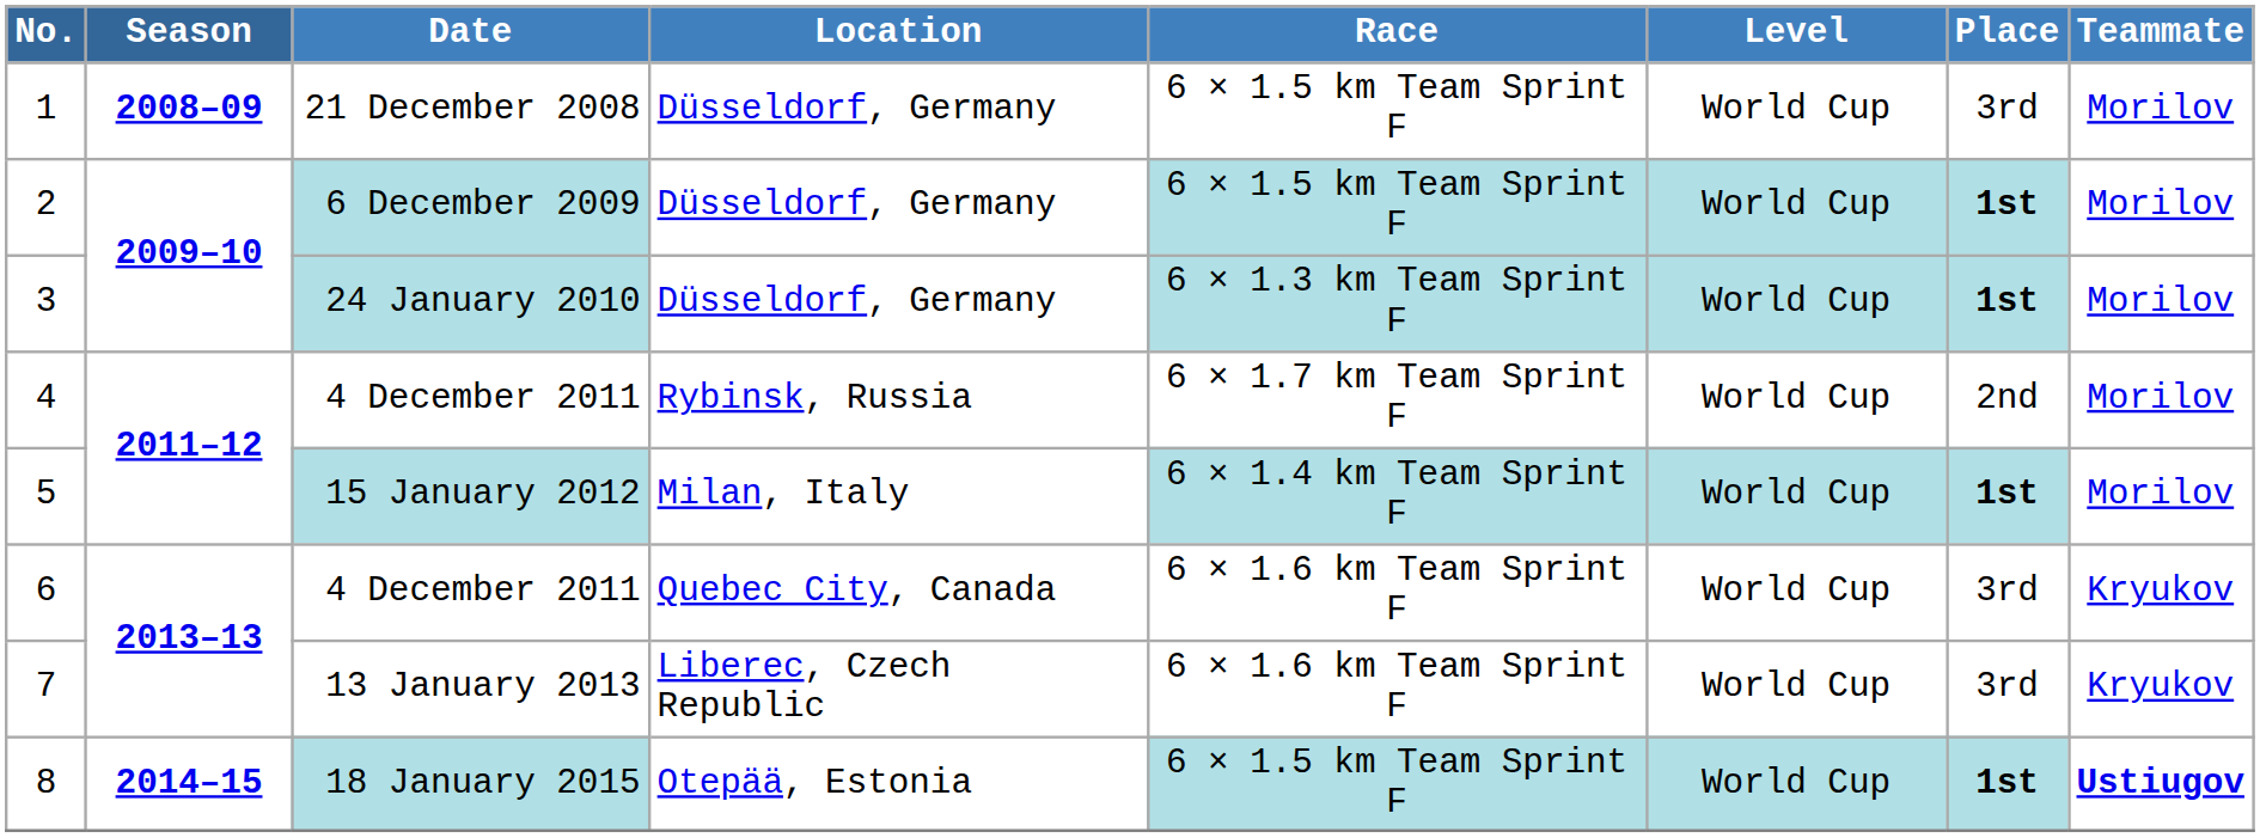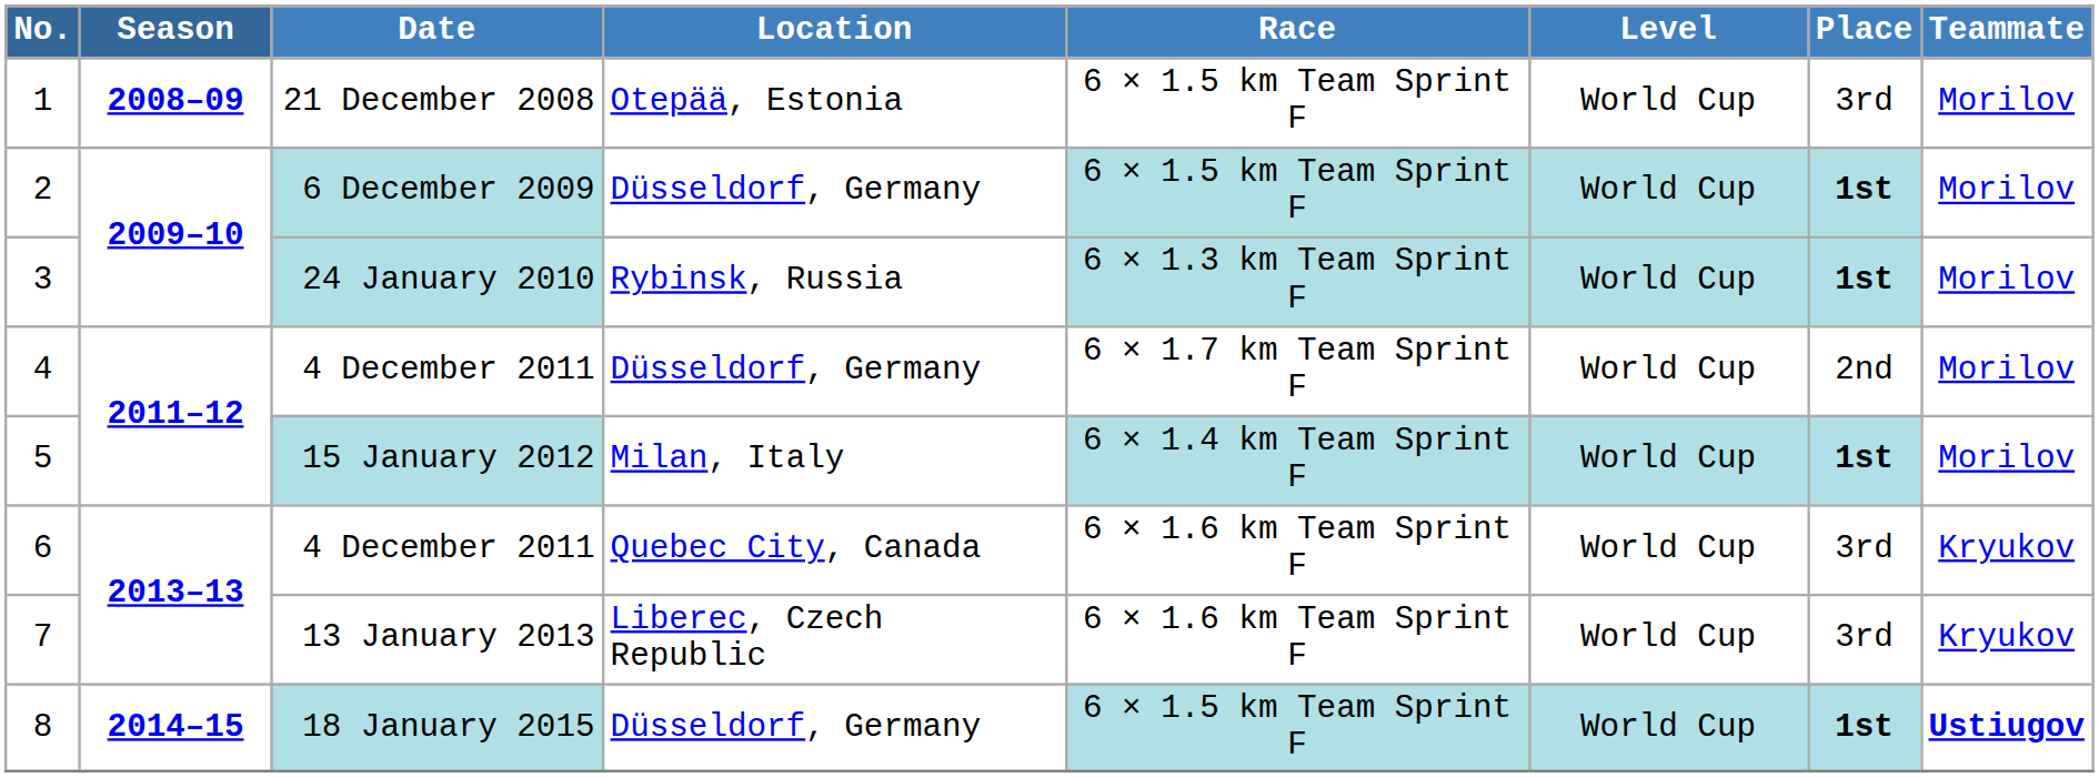 <table class="wikitable sortable" style="font-size:95%; text-align:center; border:grey solid 1px; border-collapse:collapse; background:#ffffff;">
 <tr style="background:#efefef;">
 <th style="background-color:#369; color:white;">No.</th>
 <th style="background-color:#369; color:white;">Season</th>
 <th style="background-color:#4180be; color:white; width:120px;">Date</th>
 <th style="background-color:#4180be; color:white; width:170px;">Location</th>
 <th style="background-color:#4180be; color:white; width:170px;">Race</th>
 <th style="background-color:#4180be; color:white; width:100px;">Level</th>
 <th style="background-color:#4180be; color:white;">Place</th>
 <th style="background-color:#4180be; color:white;">Teammate</th>
 </tr>
 <tr>
 <td align=center>1</td>
 <td rowspan=1 align=center><strong> <a href='#'>2008–09</a> </strong></td>
 <td align=right>21 December 2008</td>
-<td align=left> <a href='#'>Düsseldorf</a>, Germany</td>
+<td align=left> <a href='#'>Otepää</a>, Estonia</td>
 <td>6 × 1.5 km Team Sprint F</td>
 <td>World Cup</td>
 <td>3rd</td>
 <td><a href='#'>Morilov</a></td>
 </tr>
 <tr>
 <td align=center>2</td>
 <td rowspan=2 align=center><strong><a href='#'>2009–10</a></strong></td>
 <td bgcolor="#BOEOE6" align=right>6 December 2009</td>
 <td align=left> <a href='#'>Düsseldorf</a>, Germany</td>
 <td bgcolor="#BOEOE6">6 × 1.5 km Team Sprint F</td>
 <td bgcolor="#BOEOE6">World Cup</td>
 <td bgcolor="#BOEOE6"><strong>1st</strong></td>
 <td><a href='#'>Morilov</a></td>
 </tr>
 <tr>
 <td align=center>3</td>
 <td bgcolor="#BOEOE6" align=right>24 January 2010</td>
-<td align=left> <a href='#'>Düsseldorf</a>, Germany</td>
+<td align=left> <a href='#'>Rybinsk</a>, Russia</td>
 <td bgcolor="#BOEOE6">6 × 1.3 km Team Sprint F</td>
 <td bgcolor="#BOEOE6">World Cup</td>
 <td bgcolor="#BOEOE6"><strong>1st</strong></td>
 <td><a href='#'>Morilov</a></td>
 </tr>
 <tr>
 <td align=center>4</td>
 <td rowspan=2 align=center><strong> <a href='#'>2011–12</a> </strong></td>
 <td align=right>4 December 2011</td>
-<td align=left> <a href='#'>Rybinsk</a>, Russia</td>
+<td align=left> <a href='#'>Düsseldorf</a>, Germany</td>
 <td>6 × 1.7 km Team Sprint F</td>
 <td>World Cup</td>
 <td>2nd</td>
 <td><a href='#'>Morilov</a></td>
 </tr>
 <tr>
 <td align=center>5</td>
 <td bgcolor="#BOEOE6" align=right>15 January 2012</td>
 <td align=left> <a href='#'>Milan</a>, Italy</td>
 <td bgcolor="#BOEOE6">6 × 1.4 km Team Sprint F</td>
 <td bgcolor="#BOEOE6">World Cup</td>
 <td bgcolor="#BOEOE6"><strong>1st</strong></td>
 <td><a href='#'>Morilov</a></td>
 </tr>
 <tr>
 <td align=center>6</td>
 <td rowspan=2 align=center><strong> <a href='#'>2013–13</a> </strong></td>
 <td align=right>4 December 2011</td>
 <td align=left> <a href='#'>Quebec City</a>, Canada</td>
 <td>6 × 1.6 km Team Sprint F</td>
 <td>World Cup</td>
 <td>3rd</td>
 <td><a href='#'>Kryukov</a></td>
 </tr>
 <tr>
 <td align=center>7</td>
 <td align=right>13 January 2013</td>
 <td align=left> <a href='#'>Liberec</a>, Czech Republic</td>
 <td>6 × 1.6 km Team Sprint F</td>
 <td>World Cup</td>
 <td>3rd</td>
 <td><a href='#'>Kryukov</a></td>
 </tr>
 <tr>
 <td align=center>8</td>
 <td rowspan=1 align=center><strong><a href='#'>2014–15</a></strong></td>
 <td bgcolor="#BOEOE6" align=right>18 January 2015</td>
-<td align=left> <a href='#'>Otepää</a>, Estonia</td>
+<td align=left> <a href='#'>Düsseldorf</a>, Germany</td>
 <td bgcolor="#BOEOE6">6 × 1.5 km Team Sprint F</td>
 <td bgcolor="#BOEOE6">World Cup</td>
 <td bgcolor="#BOEOE6"><strong>1st</strong></td>
 <td><strong><a href='#'>Ustiugov</a></strong></td>
 </tr>
 <tr>
 </tr>
 </table>
